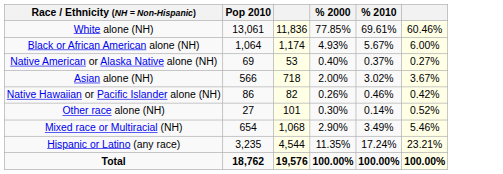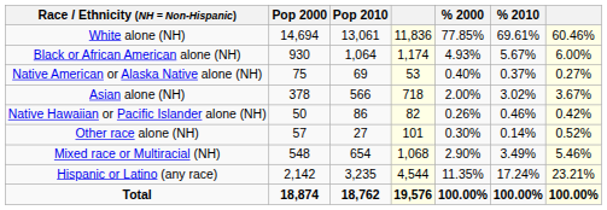 <table class="wikitable" style="text-align:center;">
 <tr>
 <th>Race / Ethnicity <small>(<em>NH = Non-Hispanic</em>)</small></th>
+<th>Pop 2000</th>
 <th>Pop 2010</th>
 <th></th>
 <th>% 2000</th>
 <th>% 2010</th>
 <th></th>
 </tr>
 <tr>
 <td><a href='#'>White</a> alone (NH)</td>
+<td>14,694</td>
 <td>13,061</td>
 <td style='background: #ffffe6;'>11,836</td>
 <td>77.85%</td>
 <td>69.61%</td>
 <td style='background: #ffffe6;'>60.46%</td>
 </tr>
 <tr>
 <td><a href='#'>Black or African American</a> alone (NH)</td>
+<td>930</td>
 <td>1,064</td>
 <td style='background: #ffffe6;'>1,174</td>
 <td>4.93%</td>
 <td>5.67%</td>
 <td style='background: #ffffe6;'>6.00%</td>
 </tr>
 <tr>
 <td><a href='#'>Native American</a> or <a href='#'>Alaska Native</a> alone (NH)</td>
+<td>75</td>
 <td>69</td>
 <td style='background: #ffffe6;'>53</td>
 <td>0.40%</td>
 <td>0.37%</td>
 <td style='background: #ffffe6;'>0.27%</td>
 </tr>
 <tr>
 <td><a href='#'>Asian</a> alone (NH)</td>
+<td>378</td>
 <td>566</td>
 <td style='background: #ffffe6;'>718</td>
 <td>2.00%</td>
 <td>3.02%</td>
 <td style='background: #ffffe6;'>3.67%</td>
 </tr>
 <tr>
 <td><a href='#'>Native Hawaiian</a> or <a href='#'>Pacific Islander</a> alone (NH)</td>
+<td>50</td>
 <td>86</td>
 <td style='background: #ffffe6;'>82</td>
 <td>0.26%</td>
 <td>0.46%</td>
 <td style='background: #ffffe6;'>0.42%</td>
 </tr>
 <tr>
 <td><a href='#'>Other race</a> alone (NH)</td>
+<td>57</td>
 <td>27</td>
 <td style='background: #ffffe6;'>101</td>
 <td>0.30%</td>
 <td>0.14%</td>
 <td style='background: #ffffe6;'>0.52%</td>
 </tr>
 <tr>
 <td><a href='#'>Mixed race or Multiracial</a> (NH)</td>
+<td>548</td>
 <td>654</td>
 <td style='background: #ffffe6;'>1,068</td>
 <td>2.90%</td>
 <td>3.49%</td>
 <td style='background: #ffffe6;'>5.46%</td>
 </tr>
 <tr>
 <td><a href='#'>Hispanic or Latino</a> (any race)</td>
+<td>2,142</td>
 <td>3,235</td>
 <td style='background: #ffffe6;'>4,544</td>
 <td>11.35%</td>
 <td>17.24%</td>
 <td style='background: #ffffe6;'>23.21%</td>
 </tr>
 <tr>
 <td><strong>Total</strong></td>
+<td><strong>18,874</strong></td>
 <td><strong>18,762</strong></td>
 <td style='background: #ffffe6;'><strong>19,576</strong></td>
 <td><strong>100.00%</strong></td>
 <td><strong>100.00%</strong></td>
 <td style='background: #ffffe6;'><strong>100.00%</strong></td>
 </tr>
 </table>
